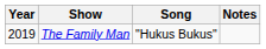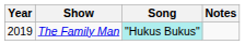 <table class="wikitable sortable">
 <tr>
 <th>Year</th>
 <th>Show</th>
 <th>Song</th>
 <th class="unsortable">Notes</th>
 </tr>
 <tr>
 <td rowspan="3">2019</td>
 <td><em><a href='#'>The Family Man</a></em></td>
-<td>"Hukus Bukus"</td>
+<td style="background: paleturquoise;">"Hukus Bukus"</td>
 <td></td>
 </tr>
 </table>
